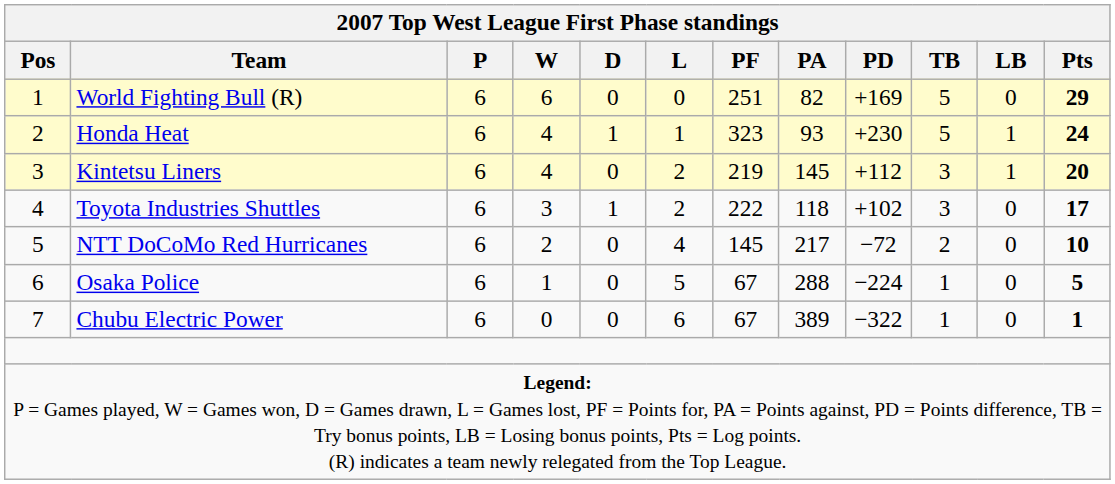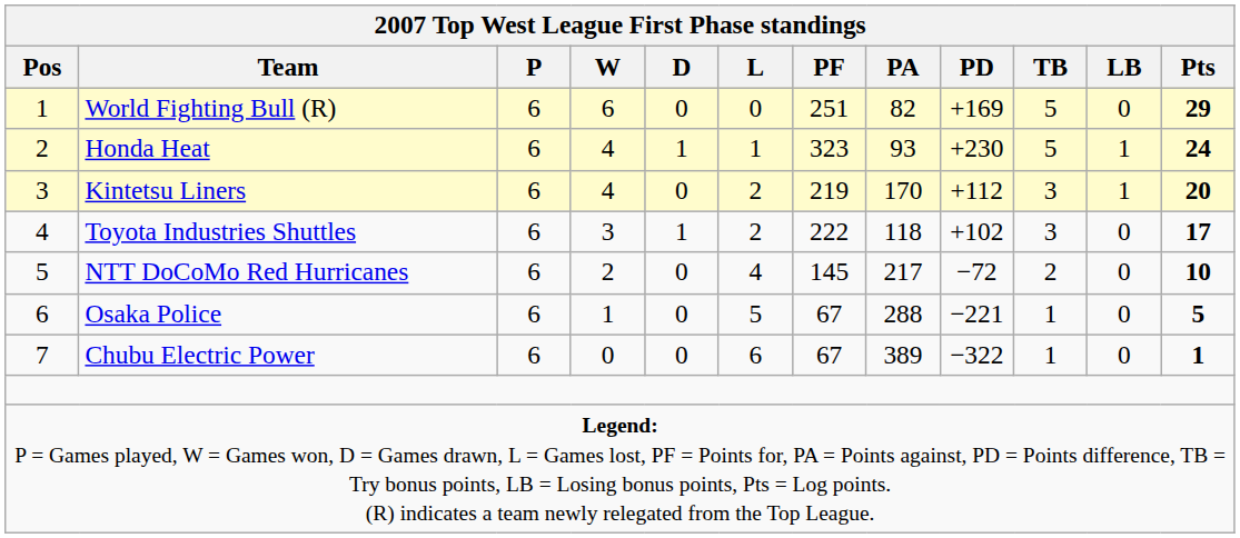 <table class="wikitable" style="text-align:center; font-size:100%; width:60%;">
 <tr>
 <th colspan="100%" cellpadding="0" cellspacing="0"><strong>2007 Top West League First Phase standings</strong></th>
 </tr>
 <tr>
 <th style="width:6%;">Pos</th>
 <th style="width:34%;">Team</th>
 <th style="width:6%;">P</th>
 <th style="width:6%;">W</th>
 <th style="width:6%;">D</th>
 <th style="width:6%;">L</th>
 <th style="width:6%;">PF</th>
 <th style="width:6%;">PA</th>
 <th style="width:6%;">PD</th>
 <th style="width:6%;">TB</th>
 <th style="width:6%;">LB</th>
 <th style="width:6%;">Pts<br></th>
 </tr>
 <tr style="background:#FFFCCC;">
 <td>1</td>
 <td style="text-align:left;"><a href='#'>World Fighting Bull</a> (R)</td>
 <td>6</td>
 <td>6</td>
 <td>0</td>
 <td>0</td>
 <td>251</td>
 <td>82</td>
 <td>+169</td>
 <td>5</td>
 <td>0</td>
 <td><strong>29</strong></td>
 </tr>
 <tr style="background:#FFFCCC;">
 <td>2</td>
 <td style="text-align:left;"><a href='#'>Honda Heat</a></td>
 <td>6</td>
 <td>4</td>
 <td>1</td>
 <td>1</td>
 <td>323</td>
 <td>93</td>
 <td>+230</td>
 <td>5</td>
 <td>1</td>
 <td><strong>24</strong></td>
 </tr>
 <tr style="background:#FFFCCC;">
 <td>3</td>
 <td style="text-align:left;"><a href='#'>Kintetsu Liners</a></td>
 <td>6</td>
 <td>4</td>
 <td>0</td>
 <td>2</td>
 <td>219</td>
-<td>145</td>
+<td>170</td>
 <td>+112</td>
 <td>3</td>
 <td>1</td>
 <td><strong>20</strong></td>
 </tr>
 <tr>
 <td>4</td>
 <td style="text-align:left;"><a href='#'>Toyota Industries Shuttles</a></td>
 <td>6</td>
 <td>3</td>
 <td>1</td>
 <td>2</td>
 <td>222</td>
 <td>118</td>
 <td>+102</td>
 <td>3</td>
 <td>0</td>
 <td><strong>17</strong></td>
 </tr>
 <tr>
 <td>5</td>
 <td style="text-align:left;"><a href='#'>NTT DoCoMo Red Hurricanes</a></td>
 <td>6</td>
 <td>2</td>
 <td>0</td>
 <td>4</td>
 <td>145</td>
 <td>217</td>
 <td>−72</td>
 <td>2</td>
 <td>0</td>
 <td><strong>10</strong></td>
 </tr>
 <tr>
 <td>6</td>
 <td style="text-align:left;"><a href='#'>Osaka Police</a></td>
 <td>6</td>
 <td>1</td>
 <td>0</td>
 <td>5</td>
 <td>67</td>
 <td>288</td>
-<td>−224</td>
+<td>−221</td>
 <td>1</td>
 <td>0</td>
 <td><strong>5</strong></td>
 </tr>
 <tr>
 <td>7</td>
 <td style="text-align:left;"><a href='#'>Chubu Electric Power</a></td>
 <td>6</td>
 <td>0</td>
 <td>0</td>
 <td>6</td>
 <td>67</td>
 <td>389</td>
 <td>−322</td>
 <td>1</td>
 <td>0</td>
 <td><strong>1</strong></td>
 </tr>
 <tr>
 <td colspan="100%" style="height:10px;"></td>
 </tr>
 <tr>
 <td colspan="100%"><small><strong>Legend:</strong> <br> P = Games played, W = Games won, D = Games drawn, L = Games lost, PF = Points for, PA = Points against, PD = Points difference, TB = Try bonus points, LB = Losing bonus points, Pts = Log points. <br> (R) indicates a team newly relegated from the Top League.</small></td>
 </tr>
 </table>
